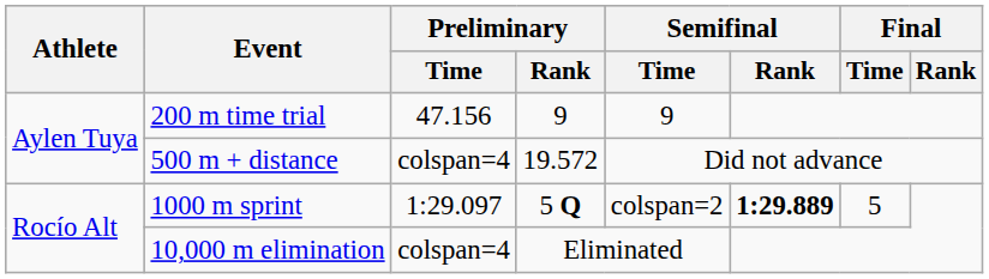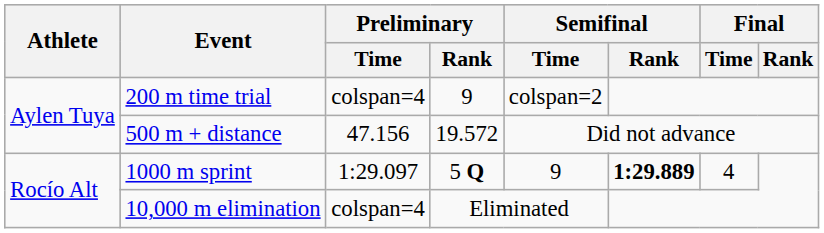 <table class=wikitable style=font-size:90%;text-align:center>
 <tr>
 <th rowspan=2>Athlete</th>
 <th rowspan=2>Event</th>
 <th colspan=2>Preliminary</th>
 <th colspan=2>Semifinal</th>
 <th colspan=2>Final</th>
 </tr>
 <tr style=font-size:95%>
 <th>Time</th>
 <th>Rank</th>
 <th>Time</th>
 <th>Rank</th>
 <th>Time</th>
 <th>Rank</th>
 </tr>
 <tr>
 <td rowspan=2 align=left><a href='#'>Aylen Tuya</a></td>
 <td align=left><a href='#'>200 m time trial</a></td>
-<td>47.156</td>
+<td>colspan=4 </td>
 <td>9</td>
-<td>9</td>
+<td>colspan=2 </td>
 </tr>
 <tr>
 <td align=left><a href='#'>500 m + distance</a></td>
-<td>colspan=4 </td>
+<td>47.156</td>
 <td>19.572</td>
 <td colspan=4>Did not advance</td>
 </tr>
 <tr>
 <td rowspan=2 align=left><a href='#'>Rocío Alt</a></td>
 <td align=left><a href='#'>1000 m sprint</a></td>
 <td>1:29.097</td>
 <td>5 <strong>Q</strong></td>
-<td>colspan=2 </td>
+<td>9</td>
 <td><strong>1:29.889</strong></td>
-<td>5</td>
+<td>4</td>
 </tr>
 <tr>
 <td align=left><a href='#'>10,000 m elimination</a></td>
 <td>colspan=4 </td>
 <td colspan=2>Eliminated</td>
 </tr>
 </table>
